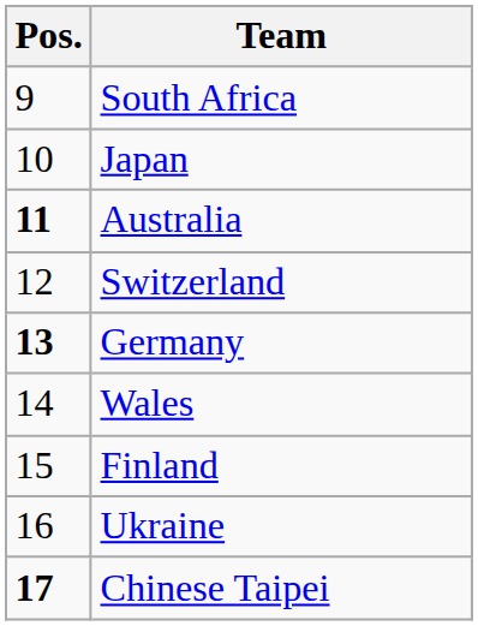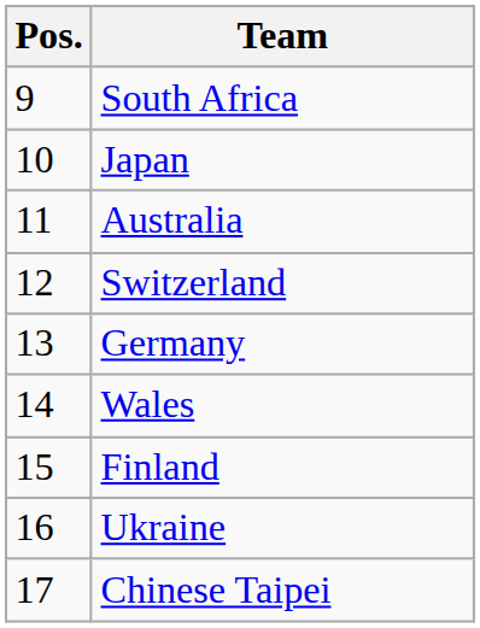 <table class="wikitable">
 <tr>
 <th>Pos.</th>
 <th width="150">Team</th>
 </tr>
 <tr>
 <td>9</td>
 <td> <a href='#'>South Africa</a></td>
 </tr>
 <tr>
 <td>10</td>
 <td> <a href='#'>Japan</a></td>
 </tr>
 <tr>
-<td><strong>11</strong></td>
+<td>11</td>
 <td> <a href='#'>Australia</a></td>
 </tr>
 <tr>
 <td>12</td>
 <td> <a href='#'>Switzerland</a></td>
 </tr>
 <tr>
-<td><strong>13</strong></td>
+<td>13</td>
 <td> <a href='#'>Germany</a></td>
 </tr>
 <tr>
 <td>14</td>
 <td> <a href='#'>Wales</a></td>
 </tr>
 <tr>
 <td>15</td>
 <td> <a href='#'>Finland</a></td>
 </tr>
 <tr>
 <td>16</td>
 <td> <a href='#'>Ukraine</a></td>
 </tr>
 <tr>
-<td><strong>17</strong></td>
+<td>17</td>
 <td> <a href='#'>Chinese Taipei</a></td>
 </tr>
 </table>
